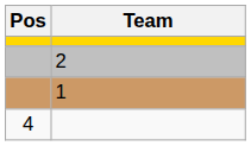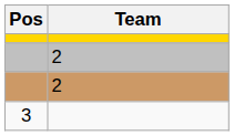 <table class="wikitable" style="text-align:center;">
 <tr>
 <th width=20>Pos</th>
 <th width=150>Team</th>
 </tr>
 <tr bgcolor="gold">
 <td></td>
 <td align="left"><strong></strong></td>
 </tr>
 <tr bgcolor="silver">
 <td></td>
 <td align="left"> 2</td>
 </tr>
 <tr bgcolor="#cc9966">
 <td></td>
-<td align="left"> 1</td>
+<td align="left"> 2</td>
 </tr>
 <tr>
-<td>4</td>
+<td>3</td>
 <td align="left"></td>
 </tr>
 </table>
